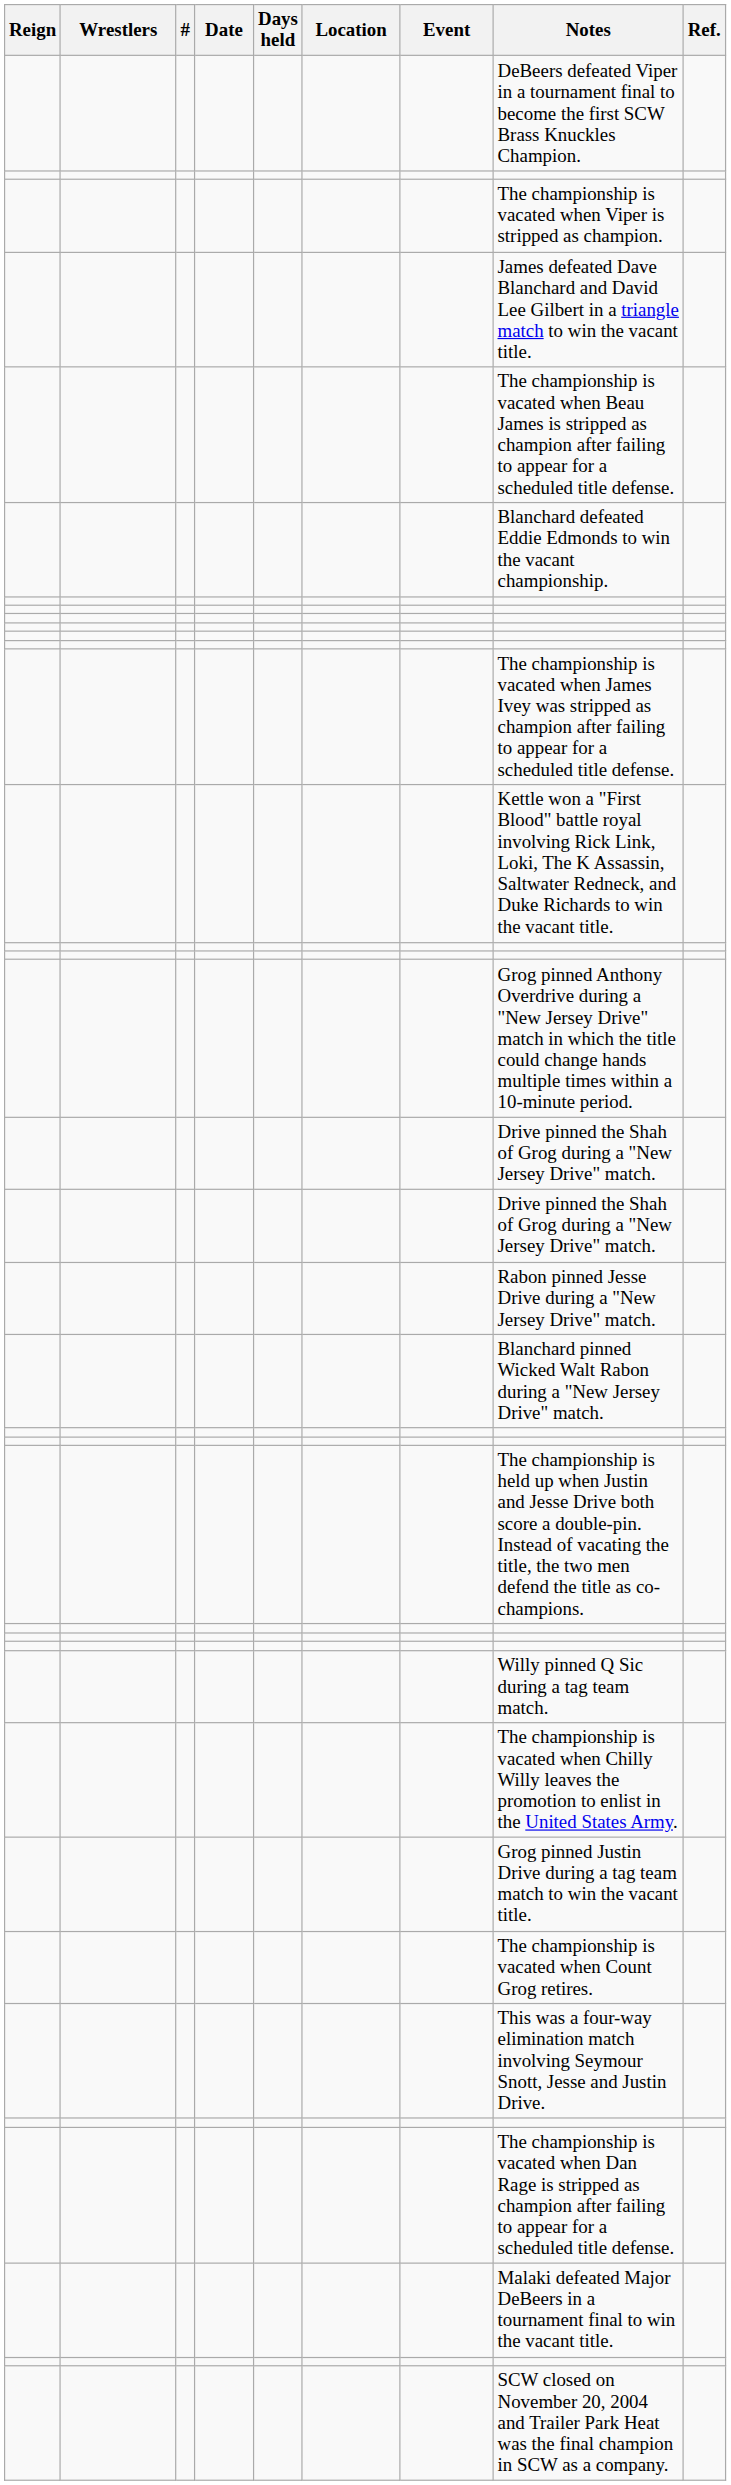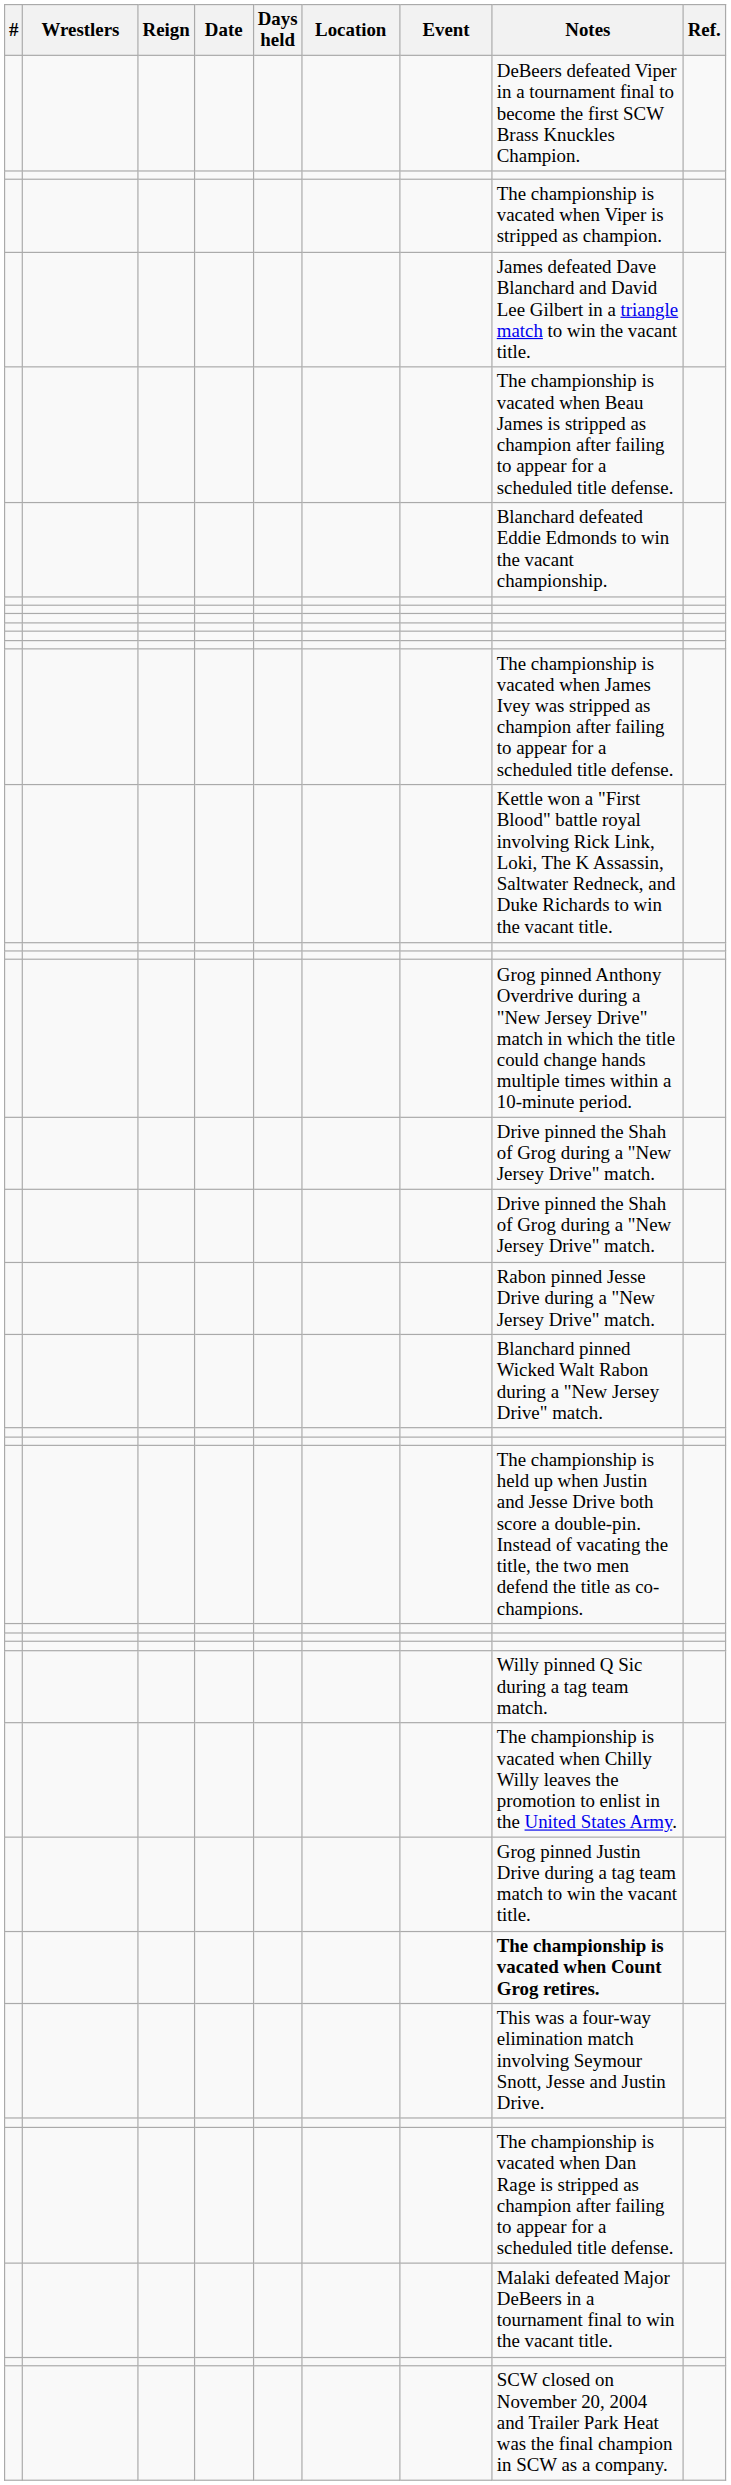 <table class="wikitable sortable" width=98% style="text-align:center;">
 <tr>
+<th width=0%>#</th>
+<th width=20%>Wrestlers</th>
 <th width=0%>Reign</th>
-<th width=20%>Wrestlers</th>
-<th width=0%>#</th>
 <th width=10%>Date</th>
 <th width=0%>Days<br>held</th>
 <th width=16%>Location</th>
 <th width=18%>Event</th>
 <th width=60% class="unsortable">Notes</th>
 <th width=0% class="unsortable">Ref.</th>
 </tr>
 <tr>
 <td></td>
 <td></td>
 <td></td>
 <td></td>
 <td></td>
 <td></td>
 <td></td>
 <td align="left">DeBeers defeated Viper in a tournament final to become the first SCW Brass Knuckles Champion.</td>
 <td align="left"></td>
 </tr>
 <tr>
 <td></td>
 <td></td>
 <td></td>
 <td></td>
 <td></td>
 <td></td>
 <td></td>
 <td align="left"></td>
 <td align="left"></td>
 </tr>
 <tr>
 <td></td>
 <td></td>
 <td></td>
 <td></td>
 <td></td>
 <td></td>
 <td></td>
 <td align="left">The championship is vacated when Viper is stripped as champion.</td>
 <td align="left"></td>
 </tr>
 <tr>
 <td></td>
 <td></td>
 <td></td>
 <td></td>
 <td></td>
 <td></td>
 <td></td>
 <td align="left">James defeated Dave Blanchard and David Lee Gilbert in a <a href='#'>triangle match</a> to win the vacant title.</td>
 <td align="left"></td>
 </tr>
 <tr>
 <td></td>
 <td></td>
 <td></td>
 <td></td>
 <td></td>
 <td></td>
 <td></td>
 <td align="left">The championship is vacated when Beau James is stripped as champion after failing to appear for a scheduled title defense.</td>
 <td align="left"></td>
 </tr>
 <tr>
 <td></td>
 <td></td>
 <td></td>
 <td></td>
 <td></td>
 <td></td>
 <td></td>
 <td align="left">Blanchard defeated Eddie Edmonds to win the vacant championship.</td>
 <td align="left"></td>
 </tr>
 <tr>
 <td></td>
 <td></td>
 <td></td>
 <td></td>
 <td></td>
 <td></td>
 <td></td>
 <td align="left"></td>
 <td align="left"></td>
 </tr>
 <tr>
 <td></td>
 <td></td>
 <td></td>
 <td></td>
 <td></td>
 <td></td>
 <td></td>
 <td align="left"></td>
 <td align="left"></td>
 </tr>
 <tr>
 <td></td>
 <td></td>
 <td></td>
 <td></td>
 <td></td>
 <td></td>
 <td></td>
 <td align="left"></td>
 <td align="left"></td>
 </tr>
 <tr>
 <td></td>
 <td></td>
 <td></td>
 <td></td>
 <td></td>
 <td></td>
 <td></td>
 <td align="left"></td>
 <td align="left"></td>
 </tr>
 <tr>
 <td></td>
 <td></td>
 <td></td>
 <td></td>
 <td></td>
 <td></td>
 <td></td>
 <td align="left"></td>
 <td align="left"></td>
 </tr>
 <tr>
 <td></td>
 <td></td>
 <td></td>
 <td></td>
 <td></td>
 <td></td>
 <td></td>
 <td align="left"></td>
 <td align="left"></td>
 </tr>
 <tr>
 <td></td>
 <td></td>
 <td></td>
 <td></td>
 <td></td>
 <td></td>
 <td></td>
 <td align="left">The championship is vacated when James Ivey was stripped as champion after failing to appear for a scheduled title defense.</td>
 <td align="left"></td>
 </tr>
 <tr>
 <td></td>
 <td></td>
 <td></td>
 <td></td>
 <td></td>
 <td></td>
 <td></td>
 <td align="left">Kettle won a "First Blood" battle royal involving Rick Link, Loki, The K Assassin, Saltwater Redneck, and Duke Richards to win the vacant title.</td>
 <td align="left"></td>
 </tr>
 <tr>
 <td></td>
 <td></td>
 <td></td>
 <td></td>
 <td></td>
 <td></td>
 <td></td>
 <td align="left"></td>
 <td align="left"></td>
 </tr>
 <tr>
 <td></td>
 <td></td>
 <td></td>
 <td></td>
 <td></td>
 <td></td>
 <td></td>
 <td align="left"></td>
 <td align="left"></td>
 </tr>
 <tr>
 <td></td>
 <td></td>
 <td></td>
 <td></td>
 <td></td>
 <td></td>
 <td></td>
 <td align="left">Grog pinned Anthony Overdrive during a "New Jersey Drive" match in which the title could change hands multiple times within a 10-minute period.</td>
 <td align="left"></td>
 </tr>
 <tr>
 <td></td>
 <td></td>
 <td></td>
 <td></td>
 <td></td>
 <td></td>
 <td></td>
 <td align="left">Drive pinned the Shah of Grog during a "New Jersey Drive" match.</td>
 <td align="left"></td>
 </tr>
 <tr>
 <td></td>
 <td></td>
 <td></td>
 <td></td>
 <td></td>
 <td></td>
 <td></td>
 <td align="left">Drive pinned the Shah of Grog during a "New Jersey Drive" match.</td>
 <td align="left"></td>
 </tr>
 <tr>
 <td></td>
 <td></td>
 <td></td>
 <td></td>
 <td></td>
 <td></td>
 <td></td>
 <td align="left">Rabon pinned Jesse Drive during a "New Jersey Drive" match.</td>
 <td align="left"></td>
 </tr>
 <tr>
 <td></td>
 <td></td>
 <td></td>
 <td></td>
 <td></td>
 <td></td>
 <td></td>
 <td align="left">Blanchard pinned Wicked Walt Rabon during a "New Jersey Drive" match.</td>
 <td align="left"></td>
 </tr>
 <tr>
 <td></td>
 <td></td>
 <td></td>
 <td></td>
 <td></td>
 <td></td>
 <td></td>
 <td align="left"></td>
 <td align="left"></td>
 </tr>
 <tr>
 <td></td>
 <td></td>
 <td></td>
 <td></td>
 <td></td>
 <td></td>
 <td></td>
 <td align="left"></td>
 <td align="left"></td>
 </tr>
 <tr>
 <td></td>
 <td></td>
 <td></td>
 <td></td>
 <td></td>
 <td></td>
 <td></td>
 <td align="left">The championship is held up when Justin and Jesse Drive both score a double-pin. Instead of vacating the title, the two men defend the title as co-champions.</td>
 <td align="left"></td>
 </tr>
 <tr>
 <td></td>
 <td></td>
 <td></td>
 <td></td>
 <td></td>
 <td></td>
 <td></td>
 <td align="left"></td>
 <td align="left"></td>
 </tr>
 <tr>
 <td></td>
 <td></td>
 <td></td>
 <td></td>
 <td></td>
 <td></td>
 <td></td>
 <td align="left"></td>
 <td align="left"></td>
 </tr>
 <tr>
 <td></td>
 <td></td>
 <td></td>
 <td></td>
 <td></td>
 <td></td>
 <td></td>
 <td align="left"></td>
 <td align="left"></td>
 </tr>
 <tr>
 <td></td>
 <td></td>
 <td></td>
 <td></td>
 <td></td>
 <td></td>
 <td></td>
 <td align="left">Willy pinned Q Sic during a tag team match.</td>
 <td align="left"></td>
 </tr>
 <tr>
 <td></td>
 <td></td>
 <td></td>
 <td></td>
 <td></td>
 <td></td>
 <td></td>
 <td align="left">The championship is vacated when Chilly Willy leaves the promotion to enlist in the <a href='#'>United States Army</a>.</td>
 <td align="left"></td>
 </tr>
 <tr>
 <td></td>
 <td></td>
 <td></td>
 <td></td>
 <td></td>
 <td></td>
 <td></td>
 <td align="left">Grog pinned Justin Drive during a tag team match to win the vacant title.</td>
 <td align="left"></td>
 </tr>
 <tr>
 <td></td>
 <td></td>
 <td></td>
 <td></td>
 <td></td>
 <td></td>
 <td></td>
-<td align="left">The championship is vacated when Count Grog retires.</td>
+<td align="left"><strong>The championship is vacated when Count Grog retires.</strong></td>
 <td align="left"></td>
 </tr>
 <tr>
 <td></td>
 <td></td>
 <td></td>
 <td></td>
 <td></td>
 <td></td>
 <td></td>
 <td align="left">This was a four-way elimination match involving Seymour Snott, Jesse and Justin Drive.</td>
 <td align="left"></td>
 </tr>
 <tr>
 <td></td>
 <td></td>
 <td></td>
 <td></td>
 <td></td>
 <td></td>
 <td></td>
 <td align="left"></td>
 <td align="left"></td>
 </tr>
 <tr>
 <td></td>
 <td></td>
 <td></td>
 <td></td>
 <td></td>
 <td></td>
 <td></td>
 <td align="left">The championship is vacated when Dan Rage is stripped as champion after failing to appear for a scheduled title defense.</td>
 <td align="left"></td>
 </tr>
 <tr>
 <td></td>
 <td></td>
 <td></td>
 <td></td>
 <td></td>
 <td></td>
 <td></td>
 <td align="left">Malaki defeated Major DeBeers in a tournament final to win the vacant title.</td>
 <td align="left"></td>
 </tr>
 <tr>
 <td></td>
 <td></td>
 <td></td>
 <td></td>
 <td></td>
 <td></td>
 <td></td>
 <td align="left"></td>
 <td align="left"></td>
 </tr>
 <tr>
 <td></td>
 <td></td>
 <td></td>
 <td></td>
 <td></td>
 <td></td>
 <td></td>
 <td align="left">SCW closed on November 20, 2004 and Trailer Park Heat was the final champion in SCW as a company.</td>
 <td align="left"></td>
 </tr>
 </table>
